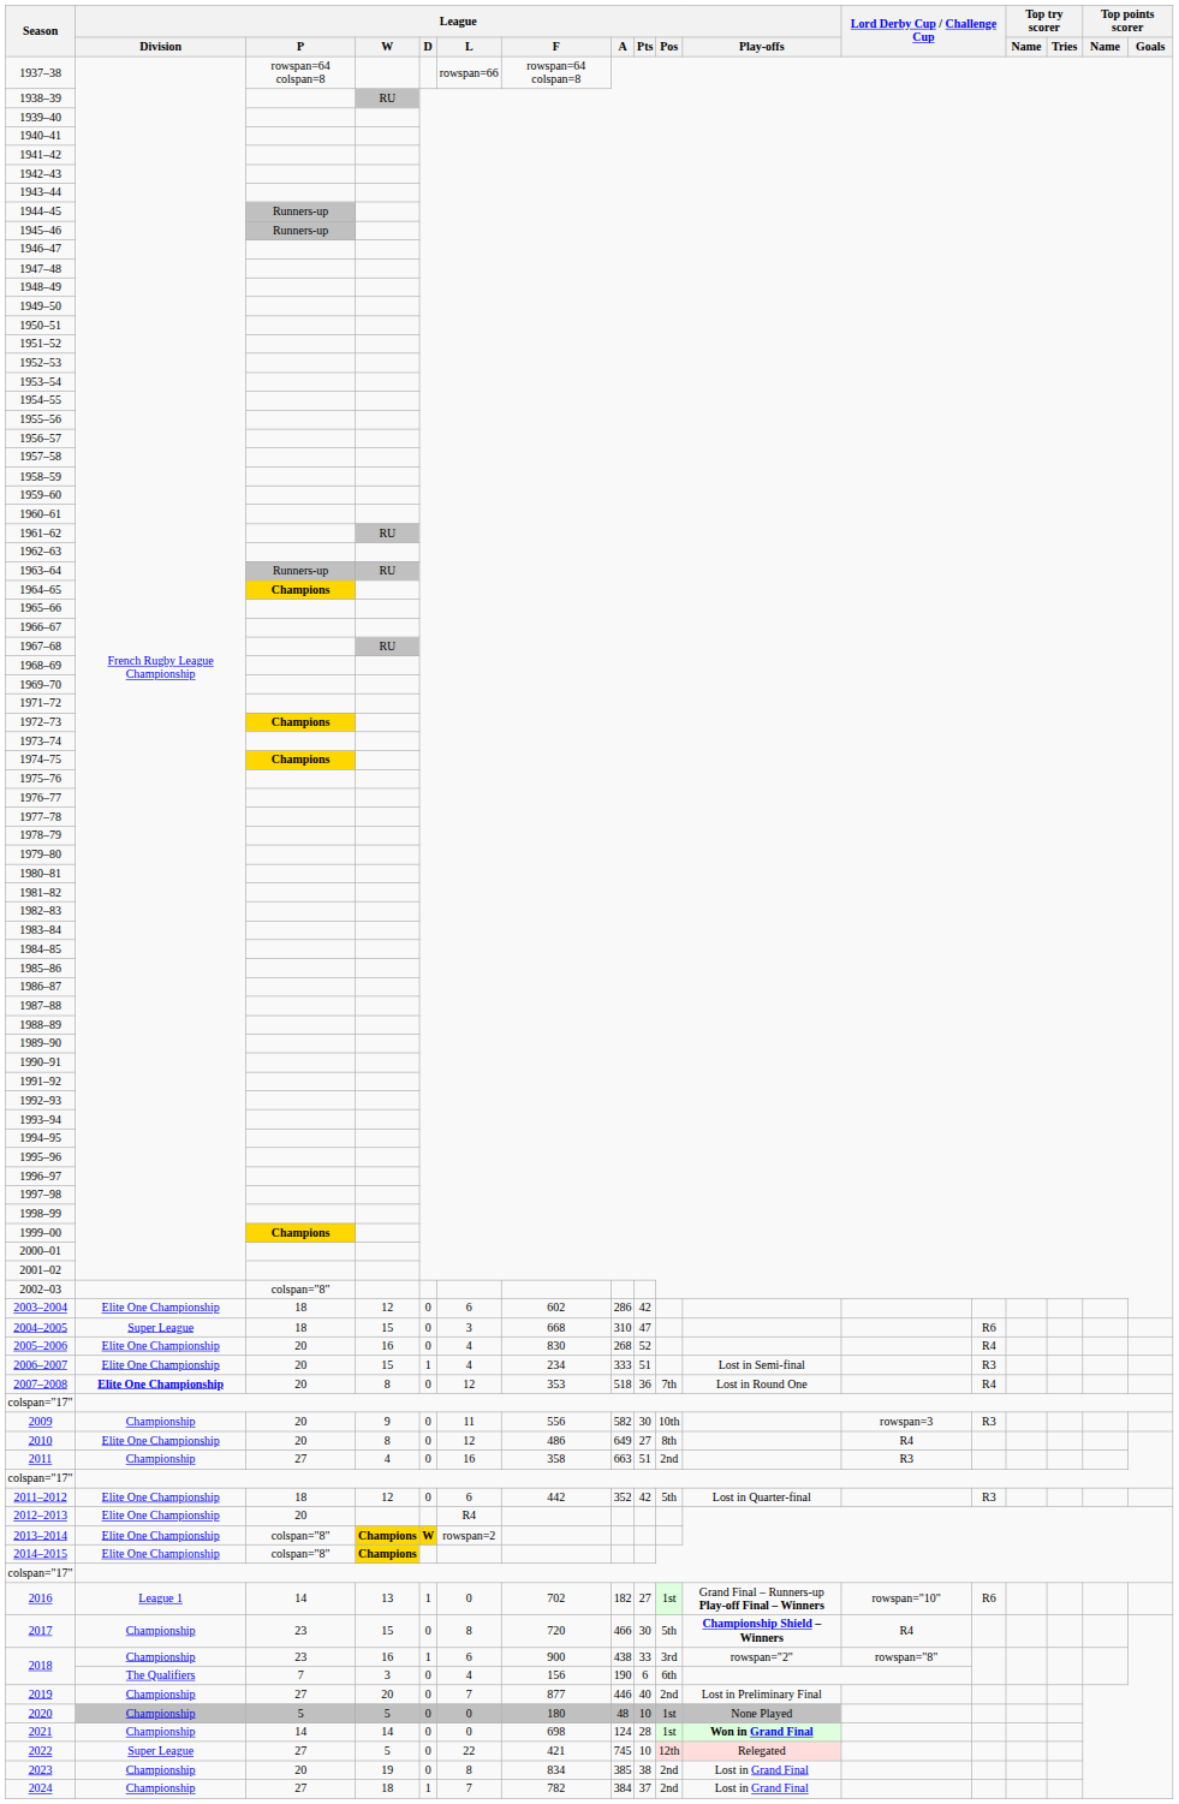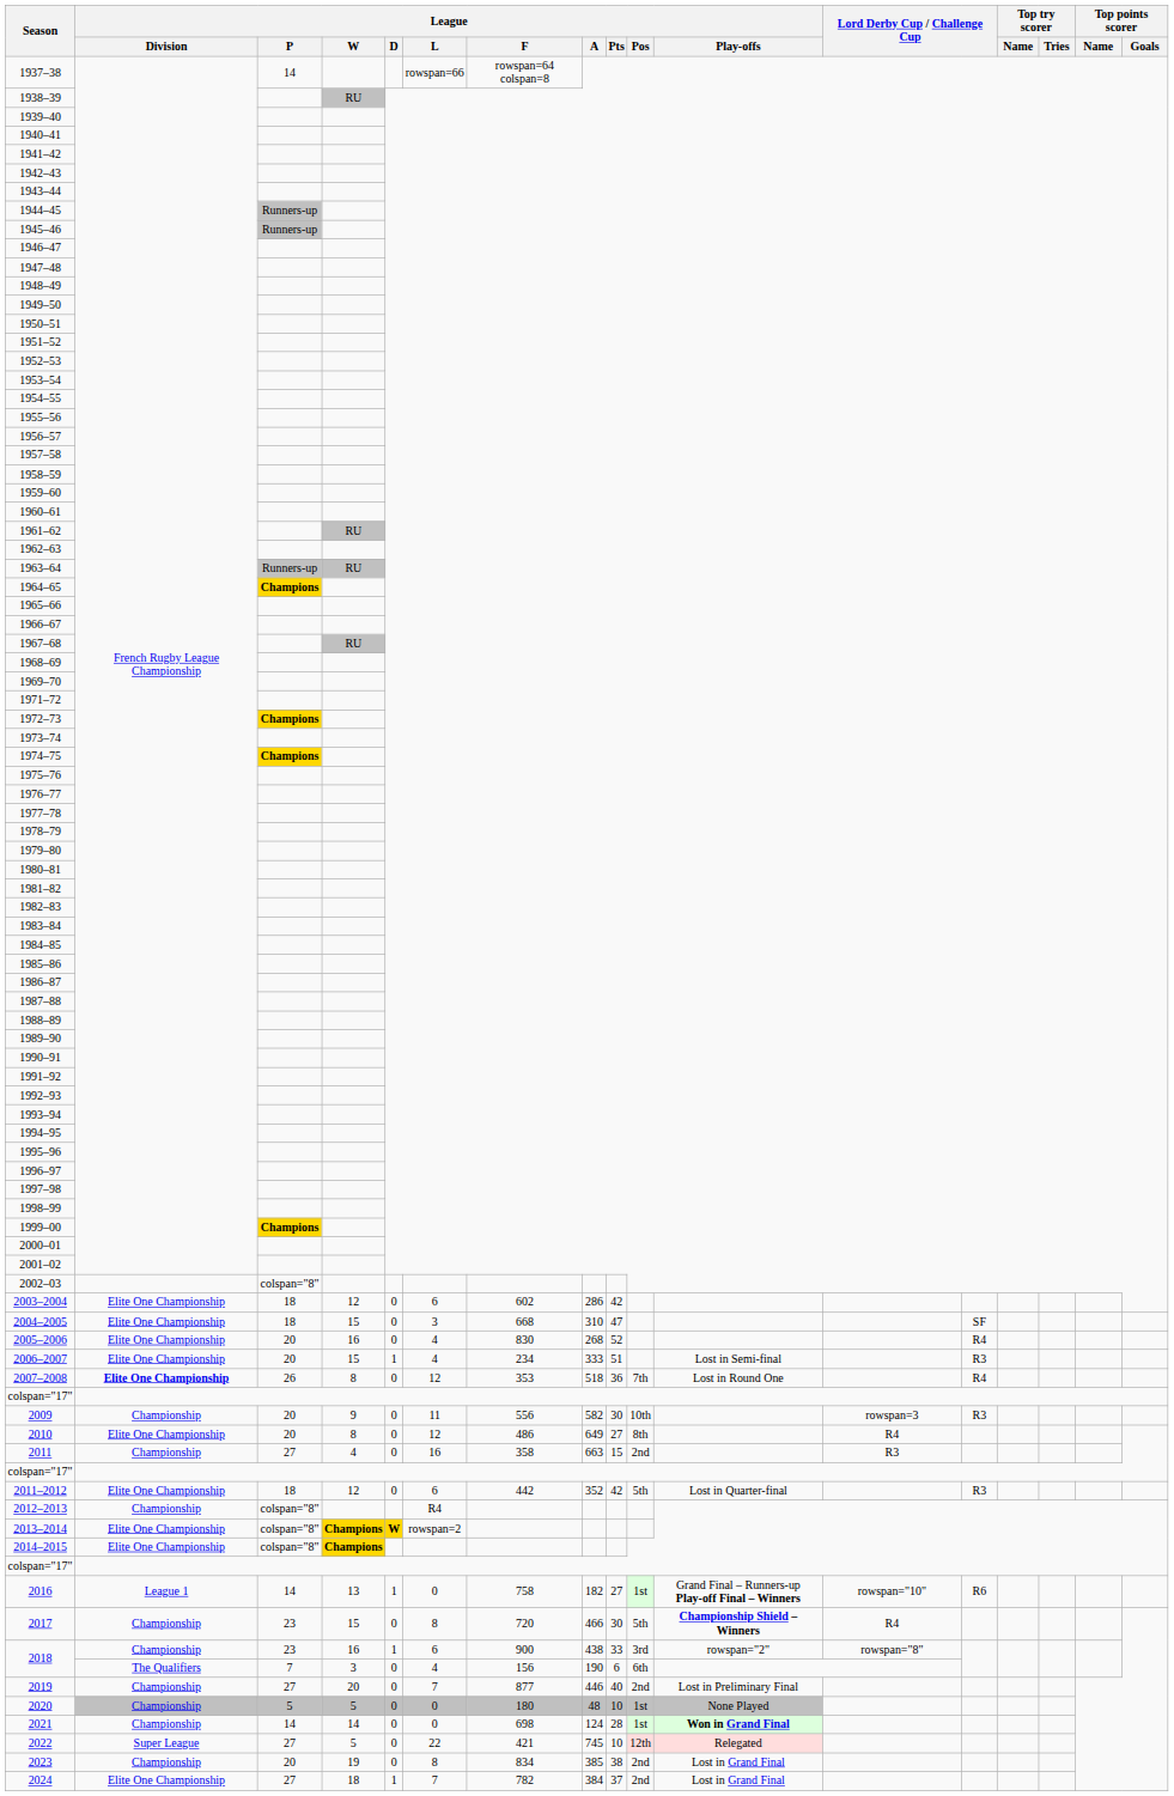 <table class="wikitable" style="text-align: center">
 <tr>
 <th rowspan=2>Season</th>
 <th colspan=10>League</th>
 <th rowspan=2 colspan=2> <a href='#'>Lord Derby Cup</a> /  <a href='#'>Challenge Cup</a></th>
 <th colspan=2>Top try scorer</th>
 <th colspan=2>Top points scorer</th>
 </tr>
 <tr>
 <th>Division</th>
 <th>P</th>
 <th>W</th>
 <th>D</th>
 <th>L</th>
 <th>F</th>
 <th>A</th>
 <th>Pts</th>
 <th>Pos</th>
 <th>Play-offs</th>
 <th>Name</th>
 <th>Tries</th>
 <th>Name</th>
 <th>Goals</th>
 </tr>
 <tr>
 <td>1937–38</td>
 <td rowspan=64><a href='#'>French Rugby League Championship</a></td>
-<td>rowspan=64 colspan=8</td>
+<td>14</td>
 <td></td>
 <td></td>
 <td>rowspan=66</td>
 <td>rowspan=64 colspan=8</td>
 </tr>
 <tr>
 <td>1938–39</td>
 <td></td>
 <td bgcolor=silver>RU</td>
 </tr>
 <tr>
 <td>1939–40</td>
 <td></td>
 <td></td>
 </tr>
 <tr>
 <td>1940–41</td>
 <td></td>
 <td></td>
 </tr>
 <tr>
 <td>1941–42</td>
 <td></td>
 <td></td>
 </tr>
 <tr>
 <td>1942–43</td>
 <td></td>
 <td></td>
 </tr>
 <tr>
 <td>1943–44</td>
 <td></td>
 <td></td>
 </tr>
 <tr>
 <td>1944–45</td>
 <td bgcolor=silver>Runners-up</td>
 <td></td>
 </tr>
 <tr>
 <td>1945–46</td>
 <td bgcolor=silver>Runners-up</td>
 <td></td>
 </tr>
 <tr>
 <td>1946–47</td>
 <td></td>
 <td></td>
 </tr>
 <tr>
 <td>1947–48</td>
 <td></td>
 <td></td>
 </tr>
 <tr>
 <td>1948–49</td>
 <td></td>
 <td></td>
 </tr>
 <tr>
 <td>1949–50</td>
 <td></td>
 <td></td>
 </tr>
 <tr>
 <td>1950–51</td>
 <td></td>
 <td></td>
 </tr>
 <tr>
 <td>1951–52</td>
 <td></td>
 <td></td>
 </tr>
 <tr>
 <td>1952–53</td>
 <td></td>
 <td></td>
 </tr>
 <tr>
 <td>1953–54</td>
 <td></td>
 <td></td>
 </tr>
 <tr>
 <td>1954–55</td>
 <td></td>
 <td></td>
 </tr>
 <tr>
 <td>1955–56</td>
 <td></td>
 <td></td>
 </tr>
 <tr>
 <td>1956–57</td>
 <td></td>
 <td></td>
 </tr>
 <tr>
 <td>1957–58</td>
 <td></td>
 <td></td>
 </tr>
 <tr>
 <td>1958–59</td>
 <td></td>
 <td></td>
 </tr>
 <tr>
 <td>1959–60</td>
 <td></td>
 <td></td>
 </tr>
 <tr>
 <td>1960–61</td>
 <td></td>
 <td></td>
 </tr>
 <tr>
 <td>1961–62</td>
 <td></td>
 <td bgcolor=silver>RU</td>
 </tr>
 <tr>
 <td>1962–63</td>
 <td></td>
 <td></td>
 </tr>
 <tr>
 <td>1963–64</td>
 <td bgcolor=silver>Runners-up</td>
 <td bgcolor=silver>RU</td>
 </tr>
 <tr>
 <td>1964–65</td>
 <td bgcolor=gold><strong>Champions</strong></td>
 <td></td>
 </tr>
 <tr>
 <td>1965–66</td>
 <td></td>
 <td></td>
 </tr>
 <tr>
 <td>1966–67</td>
 <td></td>
 <td></td>
 </tr>
 <tr>
 <td>1967–68</td>
 <td></td>
 <td bgcolor=silver>RU</td>
 </tr>
 <tr>
 <td>1968–69</td>
 <td></td>
 <td></td>
 </tr>
 <tr>
 <td>1969–70</td>
 <td></td>
 <td></td>
 </tr>
 <tr>
 <td>1971–72</td>
 <td></td>
 <td></td>
 </tr>
 <tr>
 <td>1972–73</td>
 <td bgcolor=gold><strong>Champions</strong></td>
 <td></td>
 </tr>
 <tr>
 <td>1973–74</td>
 <td></td>
 <td></td>
 </tr>
 <tr>
 <td>1974–75</td>
 <td bgcolor=gold><strong>Champions</strong></td>
 <td></td>
 </tr>
 <tr>
 <td>1975–76</td>
 <td></td>
 <td></td>
 </tr>
 <tr>
 <td>1976–77</td>
 <td></td>
 <td></td>
 </tr>
 <tr>
 <td>1977–78</td>
 <td></td>
 <td></td>
 </tr>
 <tr>
 <td>1978–79</td>
 <td></td>
 <td></td>
 </tr>
 <tr>
 <td>1979–80</td>
 <td></td>
 <td></td>
 </tr>
 <tr>
 <td>1980–81</td>
 <td></td>
 <td></td>
 </tr>
 <tr>
 <td>1981–82</td>
 <td></td>
 <td></td>
 </tr>
 <tr>
 <td>1982–83</td>
 <td></td>
 <td></td>
 </tr>
 <tr>
 <td>1983–84</td>
 <td></td>
 <td></td>
 </tr>
 <tr>
 <td>1984–85</td>
 <td></td>
 <td></td>
 </tr>
 <tr>
 <td>1985–86</td>
 <td></td>
 <td></td>
 </tr>
 <tr>
 <td>1986–87</td>
 <td></td>
 <td></td>
 </tr>
 <tr>
 <td>1987–88</td>
 <td></td>
 <td></td>
 </tr>
 <tr>
 <td>1988–89</td>
 <td></td>
 <td></td>
 </tr>
 <tr>
 <td>1989–90</td>
 <td></td>
 <td></td>
 </tr>
 <tr>
 <td>1990–91</td>
 <td></td>
 <td></td>
 </tr>
 <tr>
 <td>1991–92</td>
 <td></td>
 <td></td>
 </tr>
 <tr>
 <td>1992–93</td>
 <td></td>
 <td></td>
 </tr>
 <tr>
 <td>1993–94</td>
 <td></td>
 <td></td>
 </tr>
 <tr>
 <td>1994–95</td>
 <td></td>
 <td></td>
 </tr>
 <tr>
 <td>1995–96</td>
 <td></td>
 <td></td>
 </tr>
 <tr>
 <td>1996–97</td>
 <td></td>
 <td></td>
 </tr>
 <tr>
 <td>1997–98</td>
 <td></td>
 <td></td>
 </tr>
 <tr>
 <td>1998–99</td>
 <td></td>
 <td></td>
 </tr>
 <tr>
 <td>1999–00</td>
 <td bgcolor=gold><strong>Champions</strong></td>
 <td></td>
 </tr>
 <tr>
 <td>2000–01</td>
 <td></td>
 <td></td>
 </tr>
 <tr>
 <td>2001–02</td>
 <td></td>
 <td></td>
 </tr>
 <tr>
 <td>2002–03</td>
 <td></td>
 <td>colspan="8"</td>
 <td></td>
 <td></td>
 <td></td>
 <td></td>
 <td></td>
 <td></td>
 </tr>
 <tr>
 <td><a href='#'>2003–2004</a></td>
 <td><a href='#'>Elite One Championship</a></td>
 <td>18</td>
 <td>12</td>
 <td>0</td>
 <td>6</td>
 <td>602</td>
 <td>286</td>
 <td>42</td>
 <td></td>
 <td></td>
 <td></td>
 <td></td>
 <td></td>
 <td></td>
 <td></td>
 </tr>
 <tr>
 <td><a href='#'>2004–2005</a></td>
-<td><a href='#'>Super League</a></td>
+<td><a href='#'>Elite One Championship</a></td>
 <td>18</td>
 <td>15</td>
 <td>0</td>
 <td>3</td>
 <td>668</td>
 <td>310</td>
 <td>47</td>
 <td></td>
 <td></td>
 <td></td>
-<td>R6</td>
+<td>SF</td>
 <td></td>
 <td></td>
 <td></td>
 <td></td>
 </tr>
 <tr>
 <td><a href='#'>2005–2006</a></td>
 <td><a href='#'>Elite One Championship</a></td>
 <td>20</td>
 <td>16</td>
 <td>0</td>
 <td>4</td>
 <td>830</td>
 <td>268</td>
 <td>52</td>
 <td></td>
 <td></td>
 <td></td>
 <td>R4</td>
 <td></td>
 <td></td>
 <td></td>
 <td></td>
 </tr>
 <tr>
 <td><a href='#'>2006–2007</a></td>
 <td><a href='#'>Elite One Championship</a></td>
 <td>20</td>
 <td>15</td>
 <td>1</td>
 <td>4</td>
 <td>234</td>
 <td>333</td>
 <td>51</td>
 <td></td>
 <td>Lost in Semi-final</td>
 <td></td>
 <td>R3</td>
 <td></td>
 <td></td>
 <td></td>
 <td></td>
 </tr>
 <tr>
 <td><a href='#'>2007–2008</a></td>
 <td><strong><a href='#'>Elite One Championship</a></strong></td>
-<td>20</td>
+<td>26</td>
 <td>8</td>
 <td>0</td>
 <td>12</td>
 <td>353</td>
 <td>518</td>
 <td>36</td>
 <td>7th</td>
 <td>Lost in Round One</td>
 <td></td>
 <td>R4</td>
 <td></td>
 <td></td>
 <td></td>
 <td></td>
 </tr>
 <tr>
 <td>colspan="17"</td>
 </tr>
 <tr>
 <td><a href='#'>2009</a></td>
 <td><a href='#'>Championship</a></td>
 <td>20</td>
 <td>9</td>
 <td>0</td>
 <td>11</td>
 <td>556</td>
 <td>582</td>
 <td>30</td>
 <td>10th</td>
 <td></td>
 <td>rowspan=3</td>
 <td>R3</td>
 <td></td>
 <td></td>
 <td></td>
 <td></td>
 </tr>
 <tr>
 <td><a href='#'>2010</a></td>
 <td><a href='#'>Elite One Championship</a></td>
 <td>20</td>
 <td>8</td>
 <td>0</td>
 <td>12</td>
 <td>486</td>
 <td>649</td>
 <td>27</td>
 <td>8th</td>
 <td></td>
 <td>R4</td>
 <td></td>
 <td></td>
 <td></td>
 <td></td>
 </tr>
 <tr>
 <td><a href='#'>2011</a></td>
 <td><a href='#'>Championship</a></td>
 <td>27</td>
 <td>4</td>
 <td>0</td>
 <td>16</td>
 <td>358</td>
 <td>663</td>
-<td>51</td>
+<td>15</td>
 <td>2nd</td>
 <td></td>
 <td>R3</td>
 <td></td>
 <td></td>
 <td></td>
 <td></td>
 </tr>
 <tr>
 <td>colspan="17"</td>
 </tr>
 <tr>
 <td><a href='#'>2011–2012</a></td>
 <td><a href='#'>Elite One Championship</a></td>
 <td>18</td>
 <td>12</td>
 <td>0</td>
 <td>6</td>
 <td>442</td>
 <td>352</td>
 <td>42</td>
 <td>5th</td>
 <td>Lost in Quarter-final</td>
 <td></td>
 <td>R3</td>
 <td></td>
 <td></td>
 <td></td>
 <td></td>
 </tr>
 <tr>
 <td><a href='#'>2012–2013</a></td>
-<td><a href='#'>Elite One Championship</a></td>
-<td>20</td>
+<td><a href='#'>Championship</a></td>
+<td>colspan="8"</td>
 <td></td>
 <td></td>
 <td>R4</td>
 <td></td>
 <td></td>
 <td></td>
 <td></td>
 </tr>
 <tr>
 <td><a href='#'>2013–2014</a></td>
 <td><a href='#'>Elite One Championship</a></td>
 <td>colspan="8"</td>
 <td bgcolor=gold><strong>Champions</strong></td>
 <td bgcolor=gold><strong>W</strong></td>
 <td>rowspan=2</td>
 <td></td>
 <td></td>
 <td></td>
 <td></td>
 </tr>
 <tr>
 <td><a href='#'>2014–2015</a></td>
 <td><a href='#'>Elite One Championship</a></td>
 <td>colspan="8"</td>
 <td bgcolor=gold><strong>Champions</strong></td>
 <td></td>
 <td></td>
 <td></td>
 <td></td>
 <td></td>
 </tr>
 <tr>
 <td>colspan="17"</td>
 </tr>
 <tr>
 <td><a href='#'>2016</a></td>
 <td><a href='#'>League 1</a></td>
 <td>14</td>
 <td>13</td>
 <td>1</td>
 <td>0</td>
-<td>702</td>
+<td>758</td>
 <td>182</td>
 <td>27</td>
 <td style="background:#ddffdd;">1st</td>
 <td><div>Grand Final – Runners-up</div><div><strong>Play-off Final – Winners</strong></div></td>
 <td>rowspan="10" </td>
 <td>R6</td>
 <td></td>
 <td></td>
 <td></td>
 <td></td>
 </tr>
 <tr>
 <td><a href='#'>2017</a></td>
 <td><a href='#'>Championship</a></td>
 <td>23</td>
 <td>15</td>
 <td>0</td>
 <td>8</td>
 <td>720</td>
 <td>466</td>
 <td>30</td>
 <td>5th</td>
 <td><strong><a href='#'>Championship Shield</a> – Winners</strong></td>
 <td>R4</td>
 <td></td>
 <td></td>
 <td></td>
 <td></td>
 </tr>
 <tr>
 <td rowspan="2"><a href='#'>2018</a></td>
 <td><a href='#'>Championship</a></td>
 <td>23</td>
 <td>16</td>
 <td>1</td>
 <td>6</td>
 <td>900</td>
 <td>438</td>
 <td>33</td>
 <td>3rd</td>
 <td>rowspan="2"</td>
 <td>rowspan="8"</td>
 <td rowspan="2"></td>
 <td rowspan="2"></td>
 <td rowspan="2"></td>
 <td rowspan="2"></td>
 </tr>
 <tr>
 <td><a href='#'>The Qualifiers</a></td>
 <td>7</td>
 <td>3</td>
 <td>0</td>
 <td>4</td>
 <td>156</td>
 <td>190</td>
 <td>6</td>
 <td>6th</td>
 </tr>
 <tr>
 <td><a href='#'>2019</a></td>
 <td><a href='#'>Championship</a></td>
 <td>27</td>
 <td>20</td>
 <td>0</td>
 <td>7</td>
 <td>877</td>
 <td>446</td>
 <td>40</td>
 <td>2nd</td>
 <td>Lost in Preliminary Final</td>
 <td></td>
 <td></td>
 <td></td>
 <td></td>
 </tr>
 <tr>
 <td><a href='#'>2020</a></td>
 <td style="background:#C0C0C0;"><a href='#'>Championship</a></td>
 <td style="background:#C0C0C0;">5</td>
 <td style="background:#C0C0C0;">5</td>
 <td style="background:#C0C0C0;">0</td>
 <td style="background:#C0C0C0;">0</td>
 <td style="background:#C0C0C0;">180</td>
 <td style="background:#C0C0C0;">48</td>
 <td style="background:#C0C0C0;">10</td>
 <td style="background:#C0C0C0;">1st</td>
 <td style="background:#C0C0C0;">None Played</td>
 <td></td>
 <td></td>
 <td></td>
 <td></td>
 </tr>
 <tr>
 <td><a href='#'>2021</a></td>
 <td><a href='#'>Championship</a></td>
 <td>14</td>
 <td>14</td>
 <td>0</td>
 <td>0</td>
 <td>698</td>
 <td>124</td>
 <td>28</td>
 <td style="background:#ddffdd;">1st</td>
 <td style="background:#ddffdd;"><strong>Won in <a href='#'>Grand Final</a></strong></td>
 <td></td>
 <td></td>
 <td></td>
 <td></td>
 </tr>
 <tr>
 <td><a href='#'>2022</a></td>
 <td><a href='#'>Super League</a></td>
 <td>27</td>
 <td>5</td>
 <td>0</td>
 <td>22</td>
 <td>421</td>
 <td>745</td>
 <td>10</td>
 <td style="background:#ffdddd">12th</td>
 <td style="background:#ffdddd">Relegated</td>
 <td></td>
 <td></td>
 <td></td>
 <td></td>
 </tr>
 <tr>
 <td><a href='#'>2023</a></td>
 <td><a href='#'>Championship</a></td>
 <td>20</td>
 <td>19</td>
 <td>0</td>
 <td>8</td>
 <td>834</td>
 <td>385</td>
 <td>38</td>
 <td>2nd</td>
 <td>Lost in <a href='#'>Grand Final</a></td>
 <td></td>
 <td></td>
 <td></td>
 <td></td>
 </tr>
 <tr>
 <td><a href='#'>2024</a></td>
-<td><a href='#'>Championship</a></td>
+<td><a href='#'>Elite One Championship</a></td>
 <td>27</td>
 <td>18</td>
 <td>1</td>
 <td>7</td>
 <td>782</td>
 <td>384</td>
 <td>37</td>
 <td>2nd</td>
 <td>Lost in <a href='#'>Grand Final</a></td>
 <td></td>
 <td></td>
 <td></td>
 <td></td>
 </tr>
 </table>
